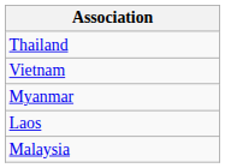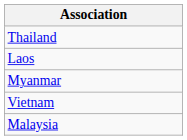 <table class="wikitable">
 <tr>
 <th width=200>Association</th>
 </tr>
 <tr>
 <td> <a href='#'>Thailand</a></td>
 </tr>
 <tr>
-<td> <a href='#'>Vietnam</a></td>
+<td> <a href='#'>Laos</a></td>
 </tr>
 <tr>
 <td> <a href='#'>Myanmar</a></td>
 </tr>
 <tr>
-<td> <a href='#'>Laos</a></td>
+<td> <a href='#'>Vietnam</a></td>
 </tr>
 <tr>
 <td> <a href='#'>Malaysia</a></td>
 </tr>
 </table>
